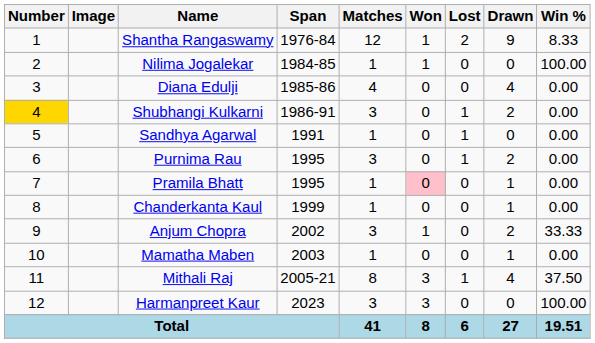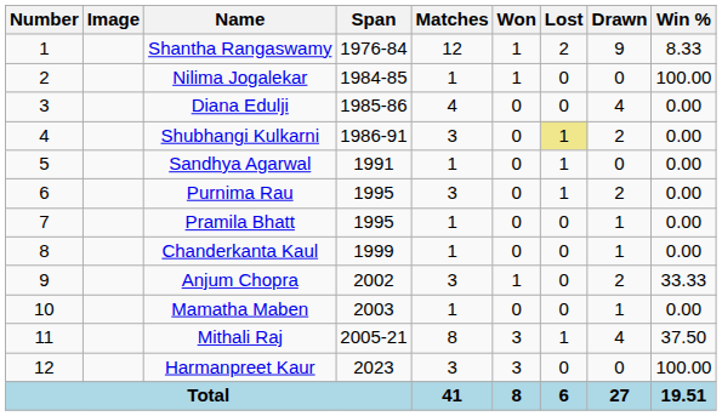 <table class="sortable wikitable"style="text-align:center;"style="font-size: 90%">
 <tr>
 <th>Number</th>
 <th>Image</th>
 <th>Name</th>
 <th>Span</th>
 <th>Matches</th>
 <th>Won</th>
 <th>Lost</th>
 <th>Drawn</th>
 <th>Win %</th>
 </tr>
 <tr>
 <td>1</td>
 <td></td>
 <td><a href='#'>Shantha Rangaswamy</a></td>
 <td>1976-84</td>
 <td>12</td>
 <td>1</td>
 <td>2</td>
 <td>9</td>
 <td>8.33</td>
 </tr>
 <tr>
 <td>2</td>
 <td></td>
 <td><a href='#'>Nilima Jogalekar</a></td>
 <td>1984-85</td>
 <td>1</td>
 <td>1</td>
 <td>0</td>
 <td>0</td>
 <td>100.00</td>
 </tr>
 <tr>
 <td>3</td>
 <td></td>
 <td><a href='#'>Diana Edulji</a></td>
 <td>1985-86</td>
 <td>4</td>
 <td>0</td>
 <td>0</td>
 <td>4</td>
 <td>0.00</td>
 </tr>
 <tr>
-<td style="background: gold;">4</td>
+<td>4</td>
 <td></td>
 <td><a href='#'>Shubhangi Kulkarni</a></td>
 <td>1986-91</td>
 <td>3</td>
 <td>0</td>
-<td>1</td>
+<td style="background: khaki;">1</td>
 <td>2</td>
 <td>0.00</td>
 </tr>
 <tr>
 <td>5</td>
 <td></td>
 <td><a href='#'>Sandhya Agarwal</a></td>
 <td>1991</td>
 <td>1</td>
 <td>0</td>
 <td>1</td>
 <td>0</td>
 <td>0.00</td>
 </tr>
 <tr>
 <td>6</td>
 <td></td>
 <td><a href='#'>Purnima Rau</a></td>
 <td>1995</td>
 <td>3</td>
 <td>0</td>
 <td>1</td>
 <td>2</td>
 <td>0.00</td>
 </tr>
 <tr>
 <td>7</td>
 <td></td>
 <td><a href='#'>Pramila Bhatt</a></td>
 <td>1995</td>
 <td>1</td>
-<td style="background: pink;">0</td>
+<td>0</td>
 <td>0</td>
 <td>1</td>
 <td>0.00</td>
 </tr>
 <tr>
 <td>8</td>
 <td></td>
 <td><a href='#'>Chanderkanta Kaul</a></td>
 <td>1999</td>
 <td>1</td>
 <td>0</td>
 <td>0</td>
 <td>1</td>
 <td>0.00</td>
 </tr>
 <tr>
 <td>9</td>
 <td></td>
 <td><a href='#'>Anjum Chopra</a></td>
 <td>2002</td>
 <td>3</td>
 <td>1</td>
 <td>0</td>
 <td>2</td>
 <td>33.33</td>
 </tr>
 <tr>
 <td>10</td>
 <td></td>
 <td><a href='#'>Mamatha Maben</a></td>
 <td>2003</td>
 <td>1</td>
 <td>0</td>
 <td>0</td>
 <td>1</td>
 <td>0.00</td>
 </tr>
 <tr>
 <td>11</td>
 <td></td>
 <td><a href='#'>Mithali Raj</a></td>
 <td>2005-21</td>
 <td>8</td>
 <td>3</td>
 <td>1</td>
 <td>4</td>
 <td>37.50</td>
 </tr>
 <tr>
 <td>12</td>
 <td></td>
 <td><a href='#'>Harmanpreet Kaur</a></td>
 <td>2023</td>
 <td>3</td>
 <td>3</td>
 <td>0</td>
 <td>0</td>
 <td>100.00</td>
 </tr>
 <tr bgcolor="lightblue">
 <td colspan="4"><strong>Total</strong></td>
 <td><strong>41</strong></td>
 <td><strong>8</strong></td>
 <td><strong>6</strong></td>
 <td><strong>27</strong></td>
 <td><strong>19.51</strong></td>
 </tr>
 </table>
